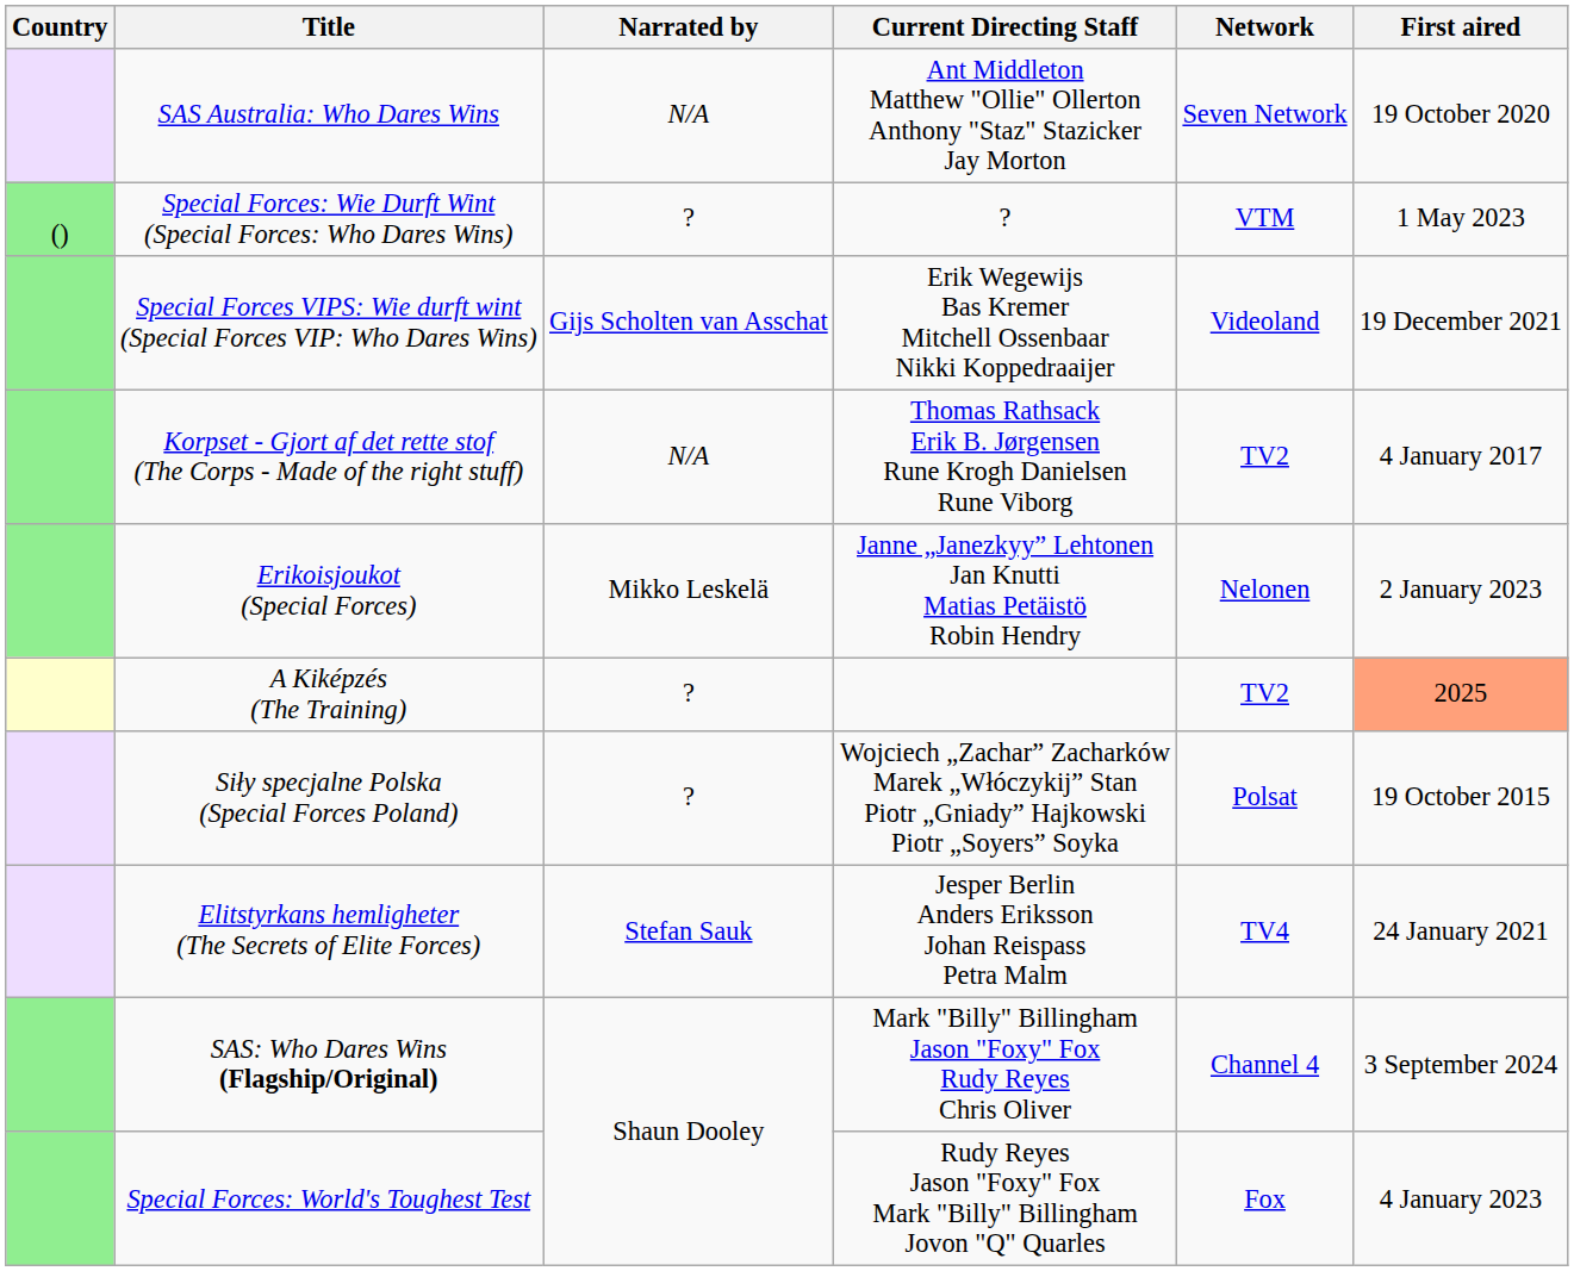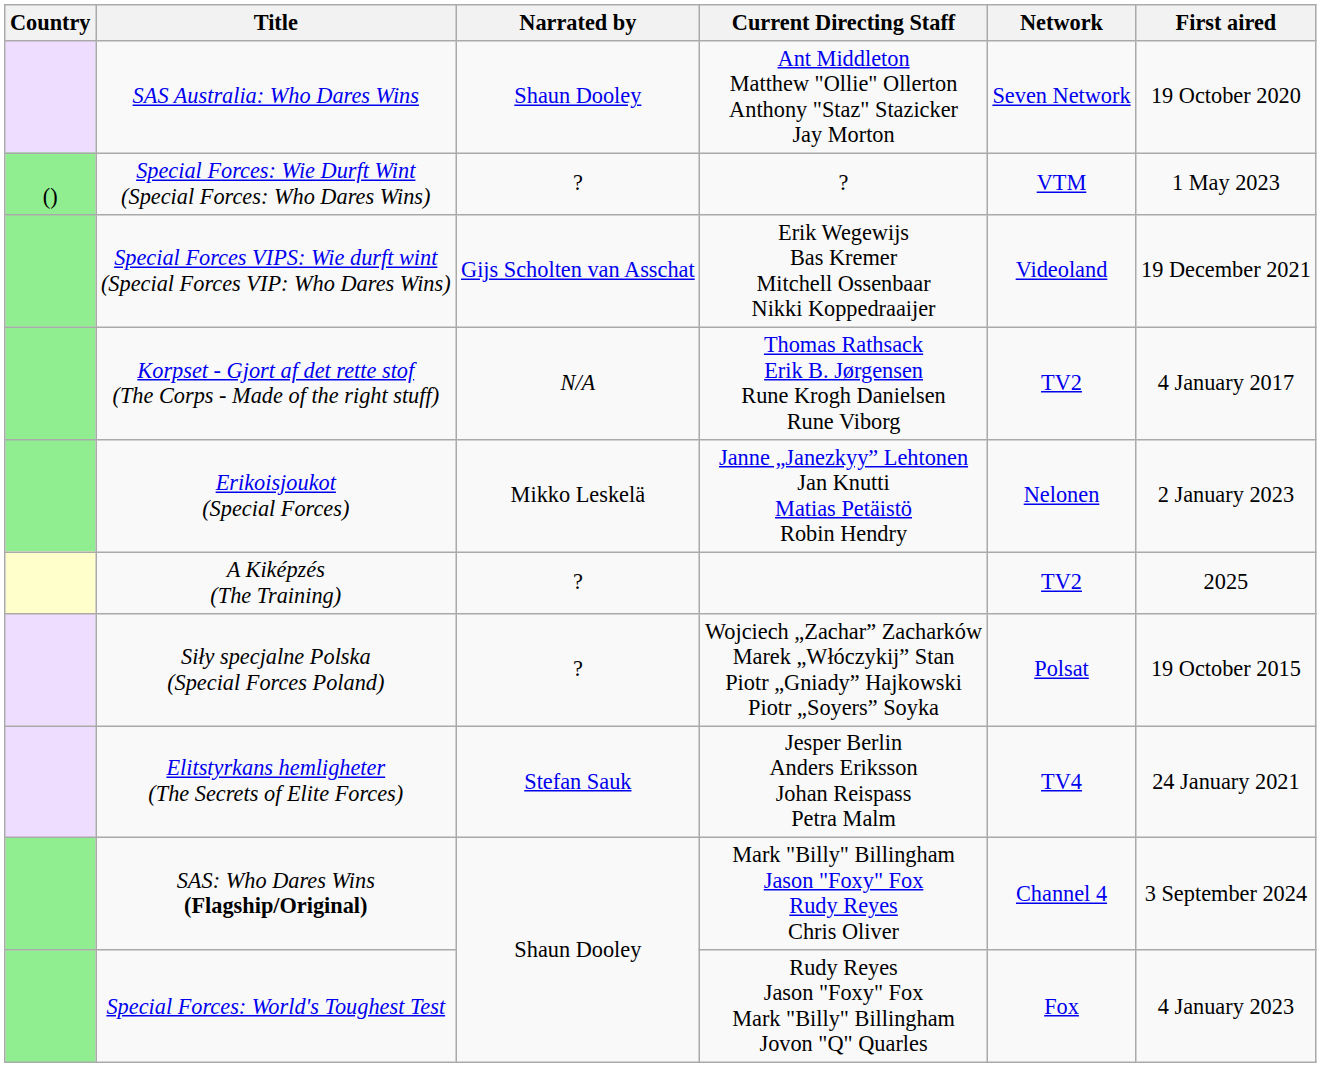 <table class="wikitable" style="text-align:center; font-size:93%">
 <tr>
 <th>Country</th>
 <th>Title</th>
 <th>Narrated by</th>
 <th>Current Directing Staff</th>
 <th>Network</th>
 <th>First aired</th>
 </tr>
 <tr>
 <td style="background-color:#EEDDFF"></td>
 <td><em><a href='#'>SAS Australia: Who Dares Wins</a></em></td>
-<td><em>N/A</em></td>
+<td><a href='#'>Shaun Dooley</a></td>
 <td><a href='#'>Ant Middleton</a><br>Matthew "Ollie" Ollerton<br>Anthony "Staz" Stazicker<br>Jay Morton<br></td>
 <td><a href='#'>Seven Network</a></td>
 <td>19 October 2020</td>
 </tr>
 <tr>
 <td style="background-color:lightgreen"><br>()</td>
 <td><em><a href='#'>Special Forces: Wie Durft Wint</a></em><br><em>(Special Forces: Who Dares Wins)</em></td>
 <td>?</td>
 <td>?</td>
 <td><a href='#'>VTM</a></td>
 <td>1 May 2023</td>
 </tr>
 <tr>
 <td style="background-color:lightgreen"></td>
 <td><em><a href='#'> Special Forces VIPS: Wie durft wint</a></em><br><em>(Special Forces VIP: Who Dares Wins)</em></td>
 <td><a href='#'>Gijs Scholten van Asschat</a></td>
 <td>Erik Wegewijs<br>Bas Kremer<br>Mitchell Ossenbaar<br>Nikki Koppedraaijer</td>
 <td><a href='#'>Videoland</a></td>
 <td>19 December 2021</td>
 </tr>
 <tr>
 <td style="background-color:lightgreen"></td>
 <td><em><a href='#'>Korpset - Gjort af det rette stof</a></em><br><em>(The Corps - Made of the right stuff)</em></td>
 <td><em>N/A</em></td>
 <td><a href='#'>Thomas Rathsack</a><br><a href='#'>Erik B. Jørgensen</a><br>Rune Krogh Danielsen<br>Rune Viborg<br></td>
 <td><a href='#'>TV2</a></td>
 <td>4 January 2017</td>
 </tr>
 <tr>
 <td style="background-color:lightgreen"></td>
 <td><em><a href='#'>Erikoisjoukot</a></em><br><em>(Special Forces)</em></td>
 <td>Mikko Leskelä</td>
 <td><a href='#'>Janne „Janezkyy” Lehtonen</a><br>Jan Knutti<br><a href='#'>Matias Petäistö</a><br>Robin Hendry</td>
 <td><a href='#'>Nelonen</a></td>
 <td>2 January 2023</td>
 </tr>
 <tr>
 <td style="background-color: #FFFFCC"></td>
 <td><em>A Kiképzés</em><br><em>(The Training)</em></td>
 <td>?</td>
 <td></td>
 <td><a href='#'>TV2</a></td>
-<td style="background: lightsalmon;">2025</td>
+<td>2025</td>
 </tr>
 <tr>
 <td style="background-color:#EEDDFF"></td>
 <td><em>Siły specjalne Polska</em><br><em>(Special Forces Poland)</em></td>
 <td>?</td>
 <td>Wojciech „Zachar” Zacharków <br> Marek „Włóczykij” Stan <br> Piotr „Gniady” Hajkowski <br> Piotr „Soyers” Soyka</td>
 <td><a href='#'>Polsat</a></td>
 <td>19 October 2015</td>
 </tr>
 <tr>
 <td style="background-color:#EEDDFF"></td>
 <td><em><a href='#'>Elitstyrkans hemligheter</a></em><br><em>(The Secrets of Elite Forces)</em></td>
 <td><a href='#'>Stefan Sauk</a></td>
 <td>Jesper Berlin<br>Anders Eriksson<br>Johan Reispass<br>Petra Malm</td>
 <td><a href='#'>TV4</a></td>
 <td>24 January 2021</td>
 </tr>
 <tr>
 <td style="background-color:lightgreen"></td>
 <td><em>SAS: Who Dares Wins</em><br><strong>(Flagship/Original)</strong></td>
 <td rowspan=2>Shaun Dooley</td>
 <td>Mark "Billy" Billingham<br><a href='#'>Jason "Foxy" Fox</a><br><a href='#'>Rudy Reyes</a><br>Chris Oliver<br></td>
 <td><a href='#'>Channel 4</a></td>
 <td>3 September 2024</td>
 </tr>
 <tr>
 <td style="background-color:lightgreen"></td>
 <td><em><a href='#'>Special Forces: World's Toughest Test</a></em></td>
 <td>Rudy Reyes<br>Jason "Foxy" Fox<br>Mark "Billy" Billingham<br>Jovon "Q" Quarles<br></td>
 <td><a href='#'>Fox</a></td>
 <td>4 January 2023</td>
 </tr>
 </table>
